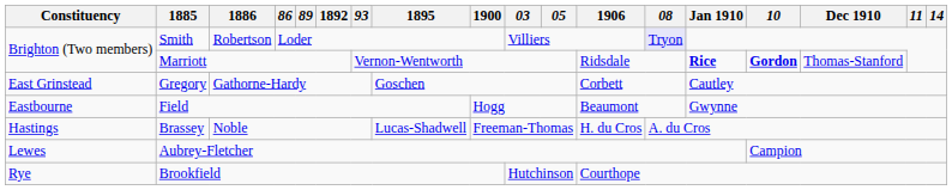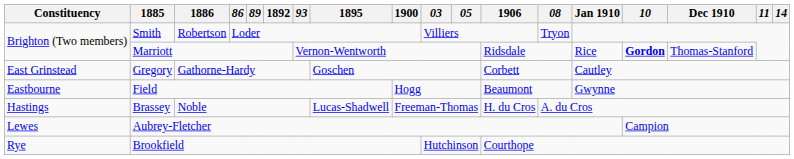 <table class="wikitable">
 <tr>
 <th>Constituency</th>
 <th>1885</th>
 <th>1886</th>
 <th><em>86</em></th>
 <th><em>89</em></th>
 <th>1892</th>
 <th><em>93</em></th>
 <th>1895</th>
 <th>1900</th>
 <th><em>03</em></th>
 <th><em>05</em></th>
 <th>1906</th>
 <th><em>08</em></th>
 <th>Jan 1910</th>
 <th><em>10</em></th>
 <th>Dec 1910</th>
 <th><em>11</em></th>
 <th><em>14</em></th>
 </tr>
 <tr>
 <td rowspan="2"><a href='#'>Brighton</a> (Two members)</td>
 <td><a href='#'>Smith</a></td>
 <td><a href='#'>Robertson</a></td>
 <td colspan="6"><a href='#'>Loder</a></td>
 <td colspan="3"><a href='#'>Villiers</a></td>
-<td style="background: lavender;"><a href='#'>Tryon</a></td>
+<td><a href='#'>Tryon</a></td>
 </tr>
 <tr>
 <td colspan="5"><a href='#'>Marriott</a></td>
 <td colspan="5"><a href='#'>Vernon-Wentworth</a></td>
 <td colspan="2"><a href='#'>Ridsdale</a></td>
-<td><strong><a href='#'>Rice</a></strong></td>
+<td><a href='#'>Rice</a></td>
 <td><strong><a href='#'>Gordon</a></strong></td>
 <td><a href='#'>Thomas-Stanford</a></td>
 </tr>
 <tr>
 <td><a href='#'>East Grinstead</a></td>
 <td><a href='#'>Gregory</a></td>
 <td colspan="5"><a href='#'>Gathorne-Hardy</a></td>
 <td colspan="4"><a href='#'>Goschen</a></td>
 <td colspan="2"><a href='#'>Corbett</a></td>
 <td colspan="5"><a href='#'>Cautley</a></td>
 </tr>
 <tr>
 <td><a href='#'>Eastbourne</a></td>
 <td colspan="7"><a href='#'>Field</a></td>
 <td colspan="3"><a href='#'>Hogg</a></td>
 <td colspan="2"><a href='#'>Beaumont</a></td>
 <td colspan="5"><a href='#'>Gwynne</a></td>
 </tr>
 <tr>
 <td><a href='#'>Hastings</a></td>
 <td><a href='#'>Brassey</a></td>
 <td colspan="5"><a href='#'>Noble</a></td>
 <td><a href='#'>Lucas-Shadwell</a></td>
 <td colspan="3"><a href='#'>Freeman-Thomas</a></td>
 <td><a href='#'>H. du Cros</a></td>
 <td colspan="6"><a href='#'>A. du Cros</a></td>
 </tr>
 <tr>
 <td><a href='#'>Lewes</a></td>
 <td colspan="13"><a href='#'>Aubrey-Fletcher</a></td>
 <td colspan="4"><a href='#'>Campion</a></td>
 </tr>
 <tr>
 <td><a href='#'>Rye</a></td>
 <td colspan="8"><a href='#'>Brookfield</a></td>
 <td colspan="2"><a href='#'>Hutchinson</a></td>
 <td colspan="7"><a href='#'>Courthope</a></td>
 </tr>
 </table>
